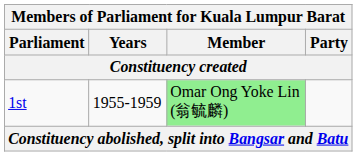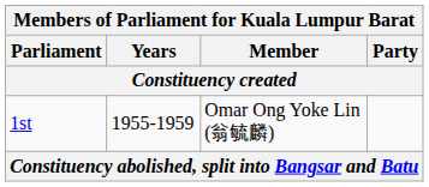 <table class="wikitable">
 <tr>
 <th colspan="4">Members of Parliament for Kuala Lumpur Barat</th>
 </tr>
 <tr>
 <th>Parliament</th>
 <th>Years</th>
 <th>Member</th>
 <th>Party</th>
 </tr>
 <tr>
 <th colspan="4"><em>Constituency created</em></th>
 </tr>
 <tr>
 <td><a href='#'>1st</a></td>
 <td>1955-1959</td>
-<td style="background: lightgreen;">Omar Ong Yoke Lin  <br>(翁毓麟)</td>
+<td>Omar Ong Yoke Lin  <br>(翁毓麟)</td>
 <td></td>
 </tr>
 <tr>
 <th colspan="4"><em>Constituency abolished, split into <a href='#'>Bangsar</a> and <a href='#'>Batu</a></em></th>
 </tr>
 </table>
